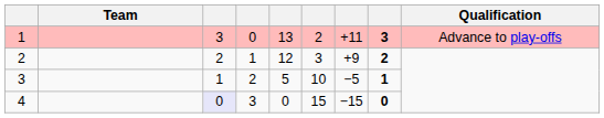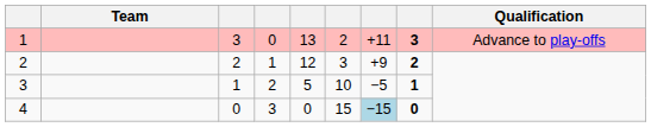 <table class="wikitable" style="text-align:center" width="700">
 <tr>
 <th width="5%"></th>
 <th width="25%">Team</th>
 <th width="5%"></th>
 <th width="5%"></th>
 <th width="5%"></th>
 <th width="5%"></th>
 <th width="5%"></th>
 <th width="5%"></th>
 <th width="30%">Qualification</th>
 </tr>
 <tr bgcolor=#ffbbbb>
 <td>1</td>
 <td style="text-align:left"></td>
 <td>3</td>
 <td>0</td>
 <td>13</td>
 <td>2</td>
 <td>+11</td>
 <td><strong>3</strong></td>
 <td>Advance to <a href='#'>play-offs</a></td>
 </tr>
 <tr>
 <td>2</td>
 <td style="text-align:left"></td>
 <td>2</td>
 <td>1</td>
 <td>12</td>
 <td>3</td>
 <td>+9</td>
 <td><strong>2</strong></td>
 <td rowspan="3"></td>
 </tr>
 <tr>
 <td>3</td>
 <td style="text-align:left"></td>
 <td>1</td>
 <td>2</td>
 <td>5</td>
 <td>10</td>
 <td>−5</td>
 <td><strong>1</strong></td>
 </tr>
 <tr>
 <td>4</td>
 <td style="text-align:left"></td>
-<td style="background: lavender;">0</td>
+<td>0</td>
 <td>3</td>
 <td>0</td>
 <td>15</td>
-<td>−15</td>
+<td style="background: lightblue;">−15</td>
 <td><strong>0</strong></td>
 </tr>
 </table>
